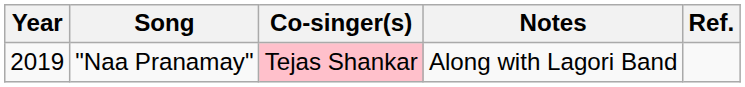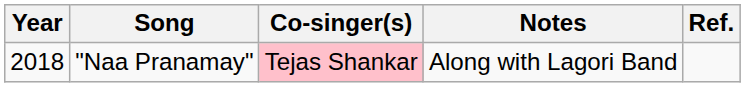 <table class="wikitable sortable">
 <tr>
 <th>Year</th>
 <th>Song</th>
 <th>Co-singer(s)</th>
 <th class="unsortable">Notes</th>
 <th class="unsortable">Ref.</th>
 </tr>
 <tr>
-<td>2019</td>
+<td>2018</td>
 <td>"Naa Pranamay"</td>
 <td style="background: pink;">Tejas Shankar</td>
 <td>Along with Lagori Band</td>
 <td></td>
 </tr>
 </table>
